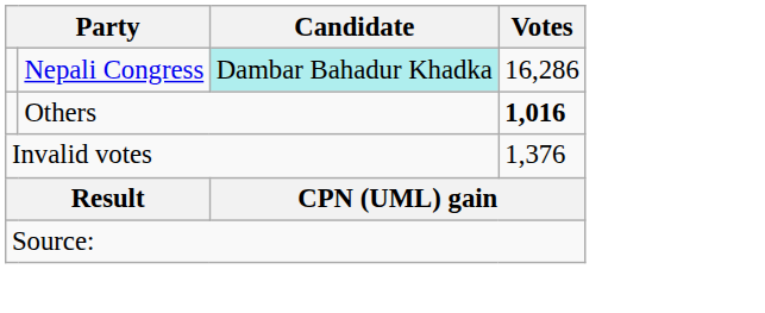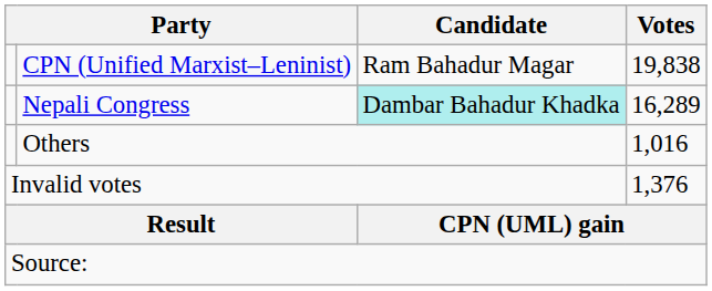 <table class="wikitable">
 <tr>
 <th colspan="2">Party</th>
 <th>Candidate</th>
 <th>Votes</th>
 </tr>
 <tr>
 <td style="background-color:"></td>
+<td><a href='#'>CPN (Unified Marxist–Leninist)</a></td>
+<td>Ram Bahadur Magar</td>
+<td>19,838</td>
+</tr>
+<tr>
+<td style="background-color:"></td>
 <td><a href='#'>Nepali Congress</a></td>
 <td style="background: paleturquoise;">Dambar Bahadur Khadka</td>
-<td>16,286</td>
+<td>16,289</td>
 </tr>
 <tr>
 <td></td>
 <td colspan="2">Others</td>
-<td><strong>1,016</strong></td>
+<td>1,016</td>
 </tr>
 <tr>
 <td colspan="3">Invalid votes</td>
 <td>1,376</td>
 </tr>
 <tr>
 <th colspan="2">Result</th>
 <th colspan="2">CPN (UML) gain</th>
 </tr>
 <tr>
 <td colspan="4">Source: </td>
 </tr>
 </table>
